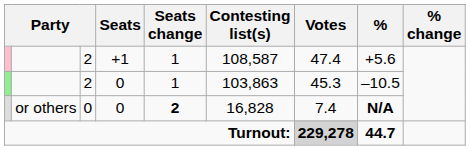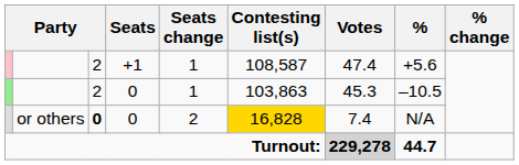 <table class="wikitable">
 <tr>
 <th colspan="3" rowspan="1" align="center">Party</th>
 <th align="center">Seats</th>
 <th align="center">Seats<br>change</th>
 <th align="center">Contesting<br>list(s)</th>
 <th align="center">Votes</th>
 <th align="center">%</th>
 <th align="center">%<br>change</th>
 </tr>
 <tr>
 <td bgcolor="Pink" rowspan="1"></td>
 <td></td>
 <td align="center">2</td>
 <td align="center">+1</td>
 <td align="center">1</td>
 <td align="center">108,587</td>
 <td align="center">47.4</td>
 <td align="center">+5.6</td>
 </tr>
 <tr>
 <td bgcolor="LightGreen" rowspan="1"></td>
 <td></td>
 <td align="center">2</td>
 <td align="center">0</td>
 <td align="center">1</td>
 <td align="center">103,863</td>
 <td align="center">45.3</td>
 <td align="center">–10.5</td>
 </tr>
 <tr>
 <td bgcolor="#DDDDDD"></td>
 <td> or others</td>
+<td align="center"><strong>0</strong></td>
 <td align="center">0</td>
-<td align="center">0</td>
-<td align="center"><strong>2</strong></td>
-<td align="center">16,828</td>
+<td align="center">2</td>
+<td align="center" style="background: gold;">16,828</td>
 <td align="center">7.4</td>
-<td align="center"><strong>N/A</strong></td>
+<td align="center">N/A</td>
 </tr>
 <tr>
 <td colspan="6" rowspan="1" align="right"><strong>Turnout:</strong></td>
 <td align="center" style="background: lightgrey;"><strong>229,278</strong></td>
 <td align="center"><strong>44.7</strong></td>
 <td align="center"></td>
 </tr>
 </table>
